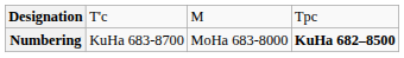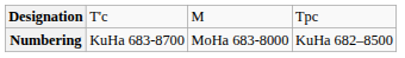 <table class="wikitable">
 <tr>
 <th>Designation</th>
 <td>T'c</td>
 <td>M</td>
 <td>Tpc</td>
 </tr>
 <tr>
 <th>Numbering</th>
 <td>KuHa 683-8700</td>
 <td>MoHa 683-8000</td>
-<td><strong>KuHa 682–8500</strong></td>
+<td>KuHa 682–8500</td>
 </tr>
 </table>
